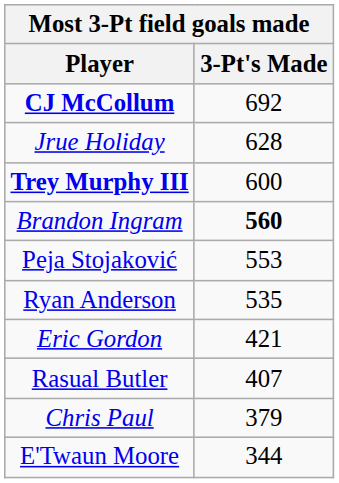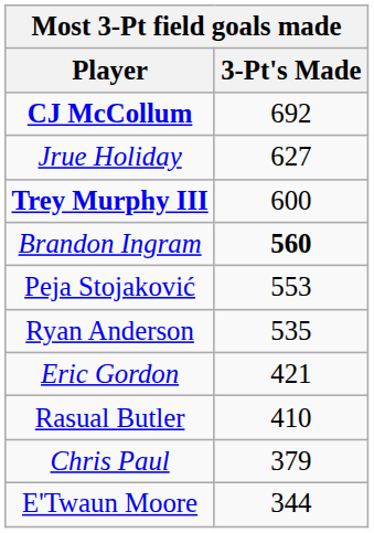 <table class="wikitable sortable" style="text-align:center">
 <tr>
 <th colspan="5">Most 3-Pt field goals made</th>
 </tr>
 <tr>
 <th>Player</th>
 <th>3-Pt's Made</th>
 </tr>
 <tr>
 <td><strong><a href='#'>CJ McCollum</a></strong></td>
 <td>692</td>
 </tr>
 <tr>
 <td><em><a href='#'>Jrue Holiday</a></em></td>
-<td>628</td>
+<td>627</td>
 </tr>
 <tr>
 <td><strong><a href='#'>Trey Murphy III</a></strong></td>
 <td>600</td>
 </tr>
 <tr>
 <td><em><a href='#'>Brandon Ingram</a></em></td>
 <td><strong>560</strong></td>
 </tr>
 <tr>
 <td><a href='#'>Peja Stojaković</a></td>
 <td>553</td>
 </tr>
 <tr>
 <td><a href='#'>Ryan Anderson</a></td>
 <td>535</td>
 </tr>
 <tr>
 <td><em><a href='#'>Eric Gordon</a></em></td>
 <td>421</td>
 </tr>
 <tr>
 <td><a href='#'>Rasual Butler</a></td>
-<td>407</td>
+<td>410</td>
 </tr>
 <tr>
 <td><em><a href='#'>Chris Paul</a></em></td>
 <td>379</td>
 </tr>
 <tr>
 <td><a href='#'>E'Twaun Moore</a></td>
 <td>344</td>
 </tr>
 </table>
